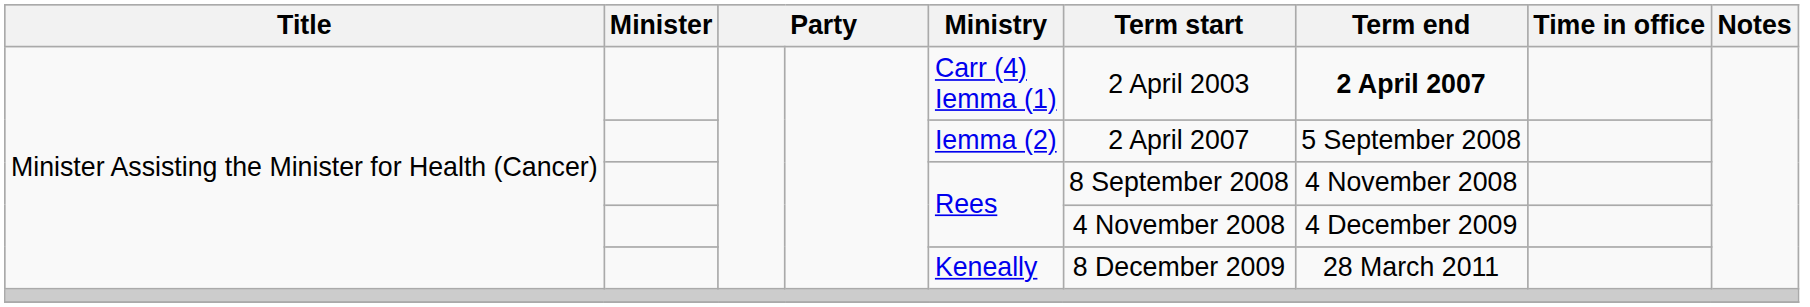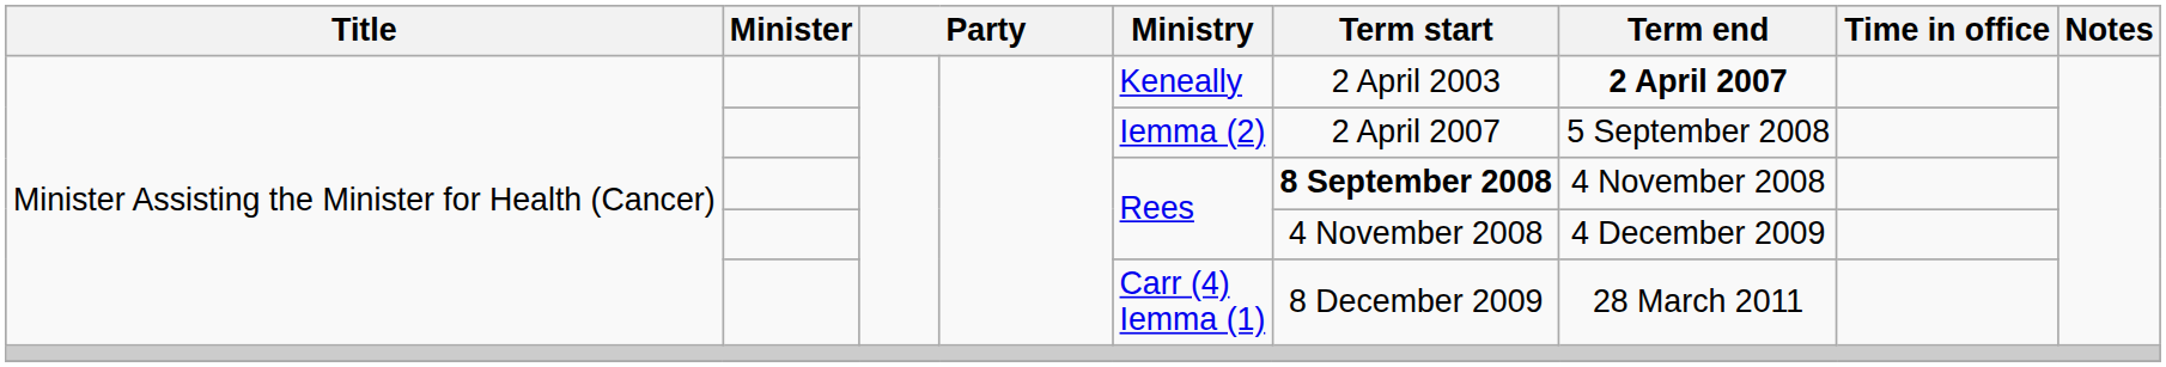 <table class="wikitable sortable">
 <tr>
 <th>Title</th>
 <th>Minister</th>
 <th colspan=2>Party</th>
 <th>Ministry</th>
 <th>Term start</th>
 <th>Term end</th>
 <th>Time in office</th>
 <th class="unsortable">Notes</th>
 </tr>
 <tr>
 <td rowspan=5>Minister Assisting the Minister for Health (Cancer)</td>
 <td></td>
 <td rowspan=5 > </td>
 <td rowspan=5 width=8%></td>
-<td><a href='#'>Carr (4)</a><br><a href='#'>Iemma (1)</a></td>
+<td><a href='#'>Keneally</a></td>
 <td align=center>2 April 2003</td>
 <td align=center><strong>2 April 2007</strong></td>
 <td align=right></td>
 </tr>
 <tr>
 <td></td>
 <td><a href='#'>Iemma (2)</a></td>
 <td align=center>2 April 2007</td>
 <td align=center>5 September 2008</td>
 <td align=right></td>
 </tr>
 <tr>
 <td></td>
 <td rowspan="2"><a href='#'>Rees</a></td>
-<td align=center>8 September 2008</td>
+<td align=center><strong>8 September 2008</strong></td>
 <td align=center>4 November 2008</td>
 <td align=right></td>
 </tr>
 <tr>
 <td></td>
 <td align=center>4 November 2008</td>
 <td align=center>4 December 2009</td>
 <td align=right></td>
 </tr>
 <tr>
 <td></td>
-<td><a href='#'>Keneally</a></td>
+<td><a href='#'>Carr (4)</a><br><a href='#'>Iemma (1)</a></td>
 <td align=center>8 December 2009</td>
 <td align=center>28 March 2011</td>
 <td align=right></td>
 </tr>
 <tr>
 <th colspan=9 style="background: #cccccc;"></th>
 </tr>
 <tr>
 </tr>
 </table>
